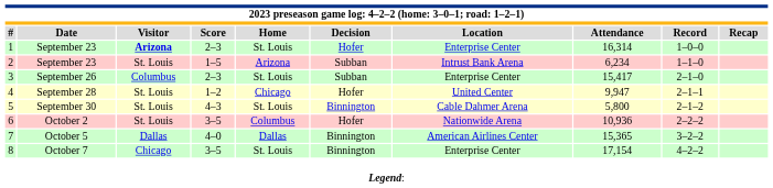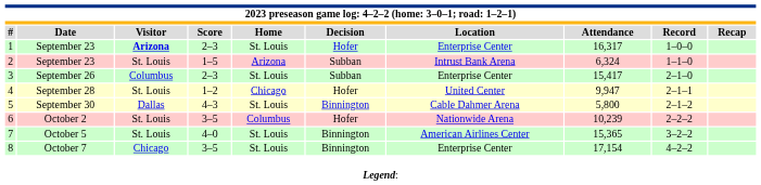 <table class="toccolours collapsible collapsed" style="width:90%; clear:both; margin:1.5em auto; text-align:center;">
 <tr>
 <th colspan="10" style="background:#FFFFFF; border-top:#002F87 5px solid; border-bottom:#FCB514 5px solid;">2023 preseason game log: 4–2–2 (home: 3–0–1; road: 1–2–1)</th>
 </tr>
 <tr style="background:#ddd;">
 <th>#</th>
 <th>Date</th>
 <th>Visitor</th>
 <th>Score</th>
 <th>Home</th>
 <th>Decision</th>
 <th>Location</th>
 <th>Attendance</th>
 <th>Record</th>
 <th>Recap</th>
 </tr>
 <tr style="background:#cfc;">
 <td>1</td>
 <td>September 23</td>
 <td><strong><a href='#'>Arizona</a></strong></td>
 <td>2–3</td>
 <td>St. Louis</td>
 <td><a href='#'>Hofer</a></td>
 <td><a href='#'>Enterprise Center</a></td>
-<td>16,314</td>
+<td>16,317</td>
 <td>1–0–0</td>
 <td></td>
 </tr>
 <tr style="background:#fcc;">
 <td>2</td>
 <td>September 23</td>
 <td>St. Louis</td>
 <td>1–5</td>
 <td><a href='#'>Arizona</a></td>
 <td>Subban</td>
 <td><a href='#'>Intrust Bank Arena</a></td>
-<td>6,234</td>
+<td>6,324</td>
 <td>1–1–0</td>
 <td></td>
 </tr>
 <tr style="background:#cfc;">
 <td>3</td>
 <td>September 26</td>
 <td><a href='#'>Columbus</a></td>
 <td>2–3</td>
 <td>St. Louis</td>
 <td>Subban</td>
 <td>Enterprise Center</td>
 <td>15,417</td>
 <td>2–1–0</td>
 <td></td>
 </tr>
 <tr style="background:#ffc;">
 <td>4</td>
 <td>September 28</td>
 <td>St. Louis</td>
 <td>1–2</td>
 <td><a href='#'>Chicago</a></td>
 <td>Hofer</td>
 <td><a href='#'>United Center</a></td>
 <td>9,947</td>
 <td>2–1–1</td>
 <td></td>
 </tr>
 <tr style="background:#ffc;">
 <td>5</td>
 <td>September 30</td>
-<td>St. Louis</td>
+<td><a href='#'>Dallas</a></td>
 <td>4–3</td>
 <td>St. Louis</td>
 <td><a href='#'>Binnington</a></td>
 <td><a href='#'>Cable Dahmer Arena</a></td>
 <td>5,800</td>
 <td>2–1–2</td>
 <td></td>
 </tr>
 <tr style="background:#fcc;">
 <td>6</td>
 <td>October 2</td>
 <td>St. Louis</td>
 <td>3–5</td>
 <td><a href='#'>Columbus</a></td>
 <td>Hofer</td>
 <td><a href='#'>Nationwide Arena</a></td>
-<td>10,936</td>
+<td>10,239</td>
 <td>2–2–2</td>
 <td></td>
 </tr>
 <tr style="background:#cfc;">
 <td>7</td>
 <td>October 5</td>
-<td><a href='#'>Dallas</a></td>
+<td>St. Louis</td>
 <td>4–0</td>
-<td><a href='#'>Dallas</a></td>
+<td>St. Louis</td>
 <td>Binnington</td>
 <td><a href='#'>American Airlines Center</a></td>
 <td>15,365</td>
 <td>3–2–2</td>
 <td></td>
 </tr>
 <tr style="background:#cfc;">
 <td>8</td>
 <td>October 7</td>
 <td><a href='#'>Chicago</a></td>
 <td>3–5</td>
 <td>St. Louis</td>
 <td>Binnington</td>
 <td>Enterprise Center</td>
 <td>17,154</td>
 <td>4–2–2</td>
 <td></td>
 </tr>
 <tr>
 <td colspan="10" style="text-align:center;"><br><strong><em>Legend</em></strong>:   </td>
 </tr>
 </table>
